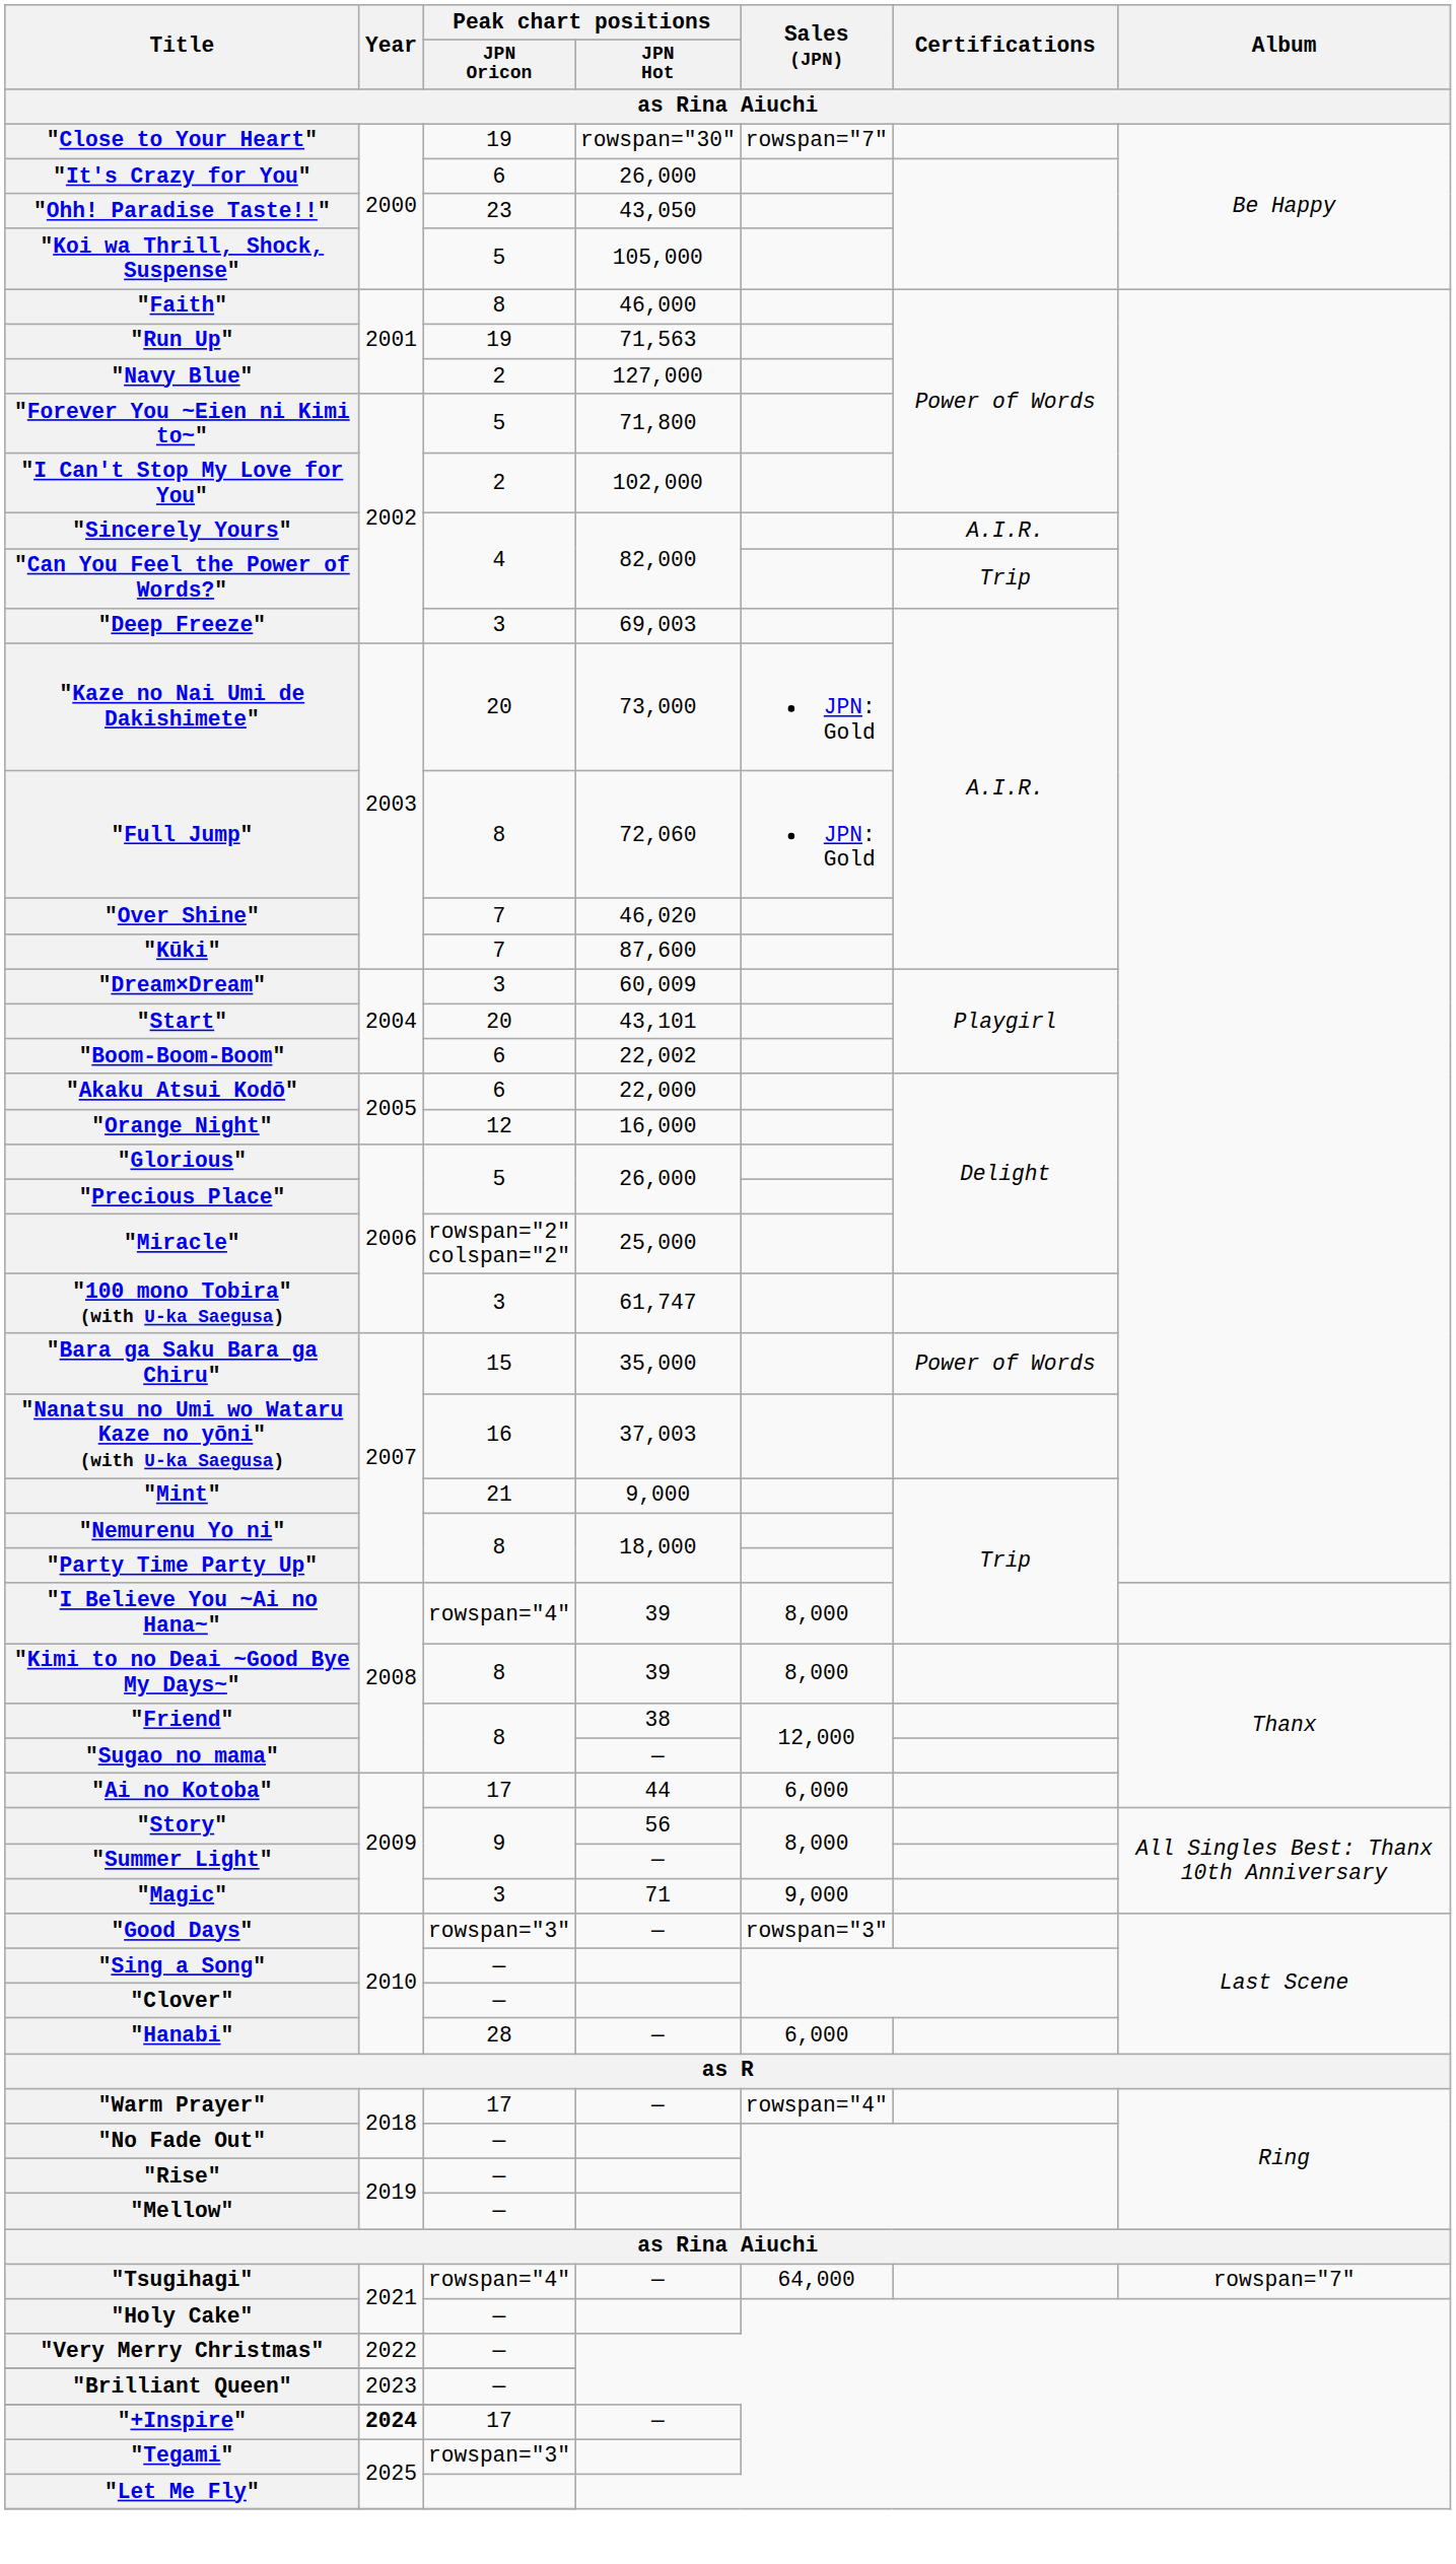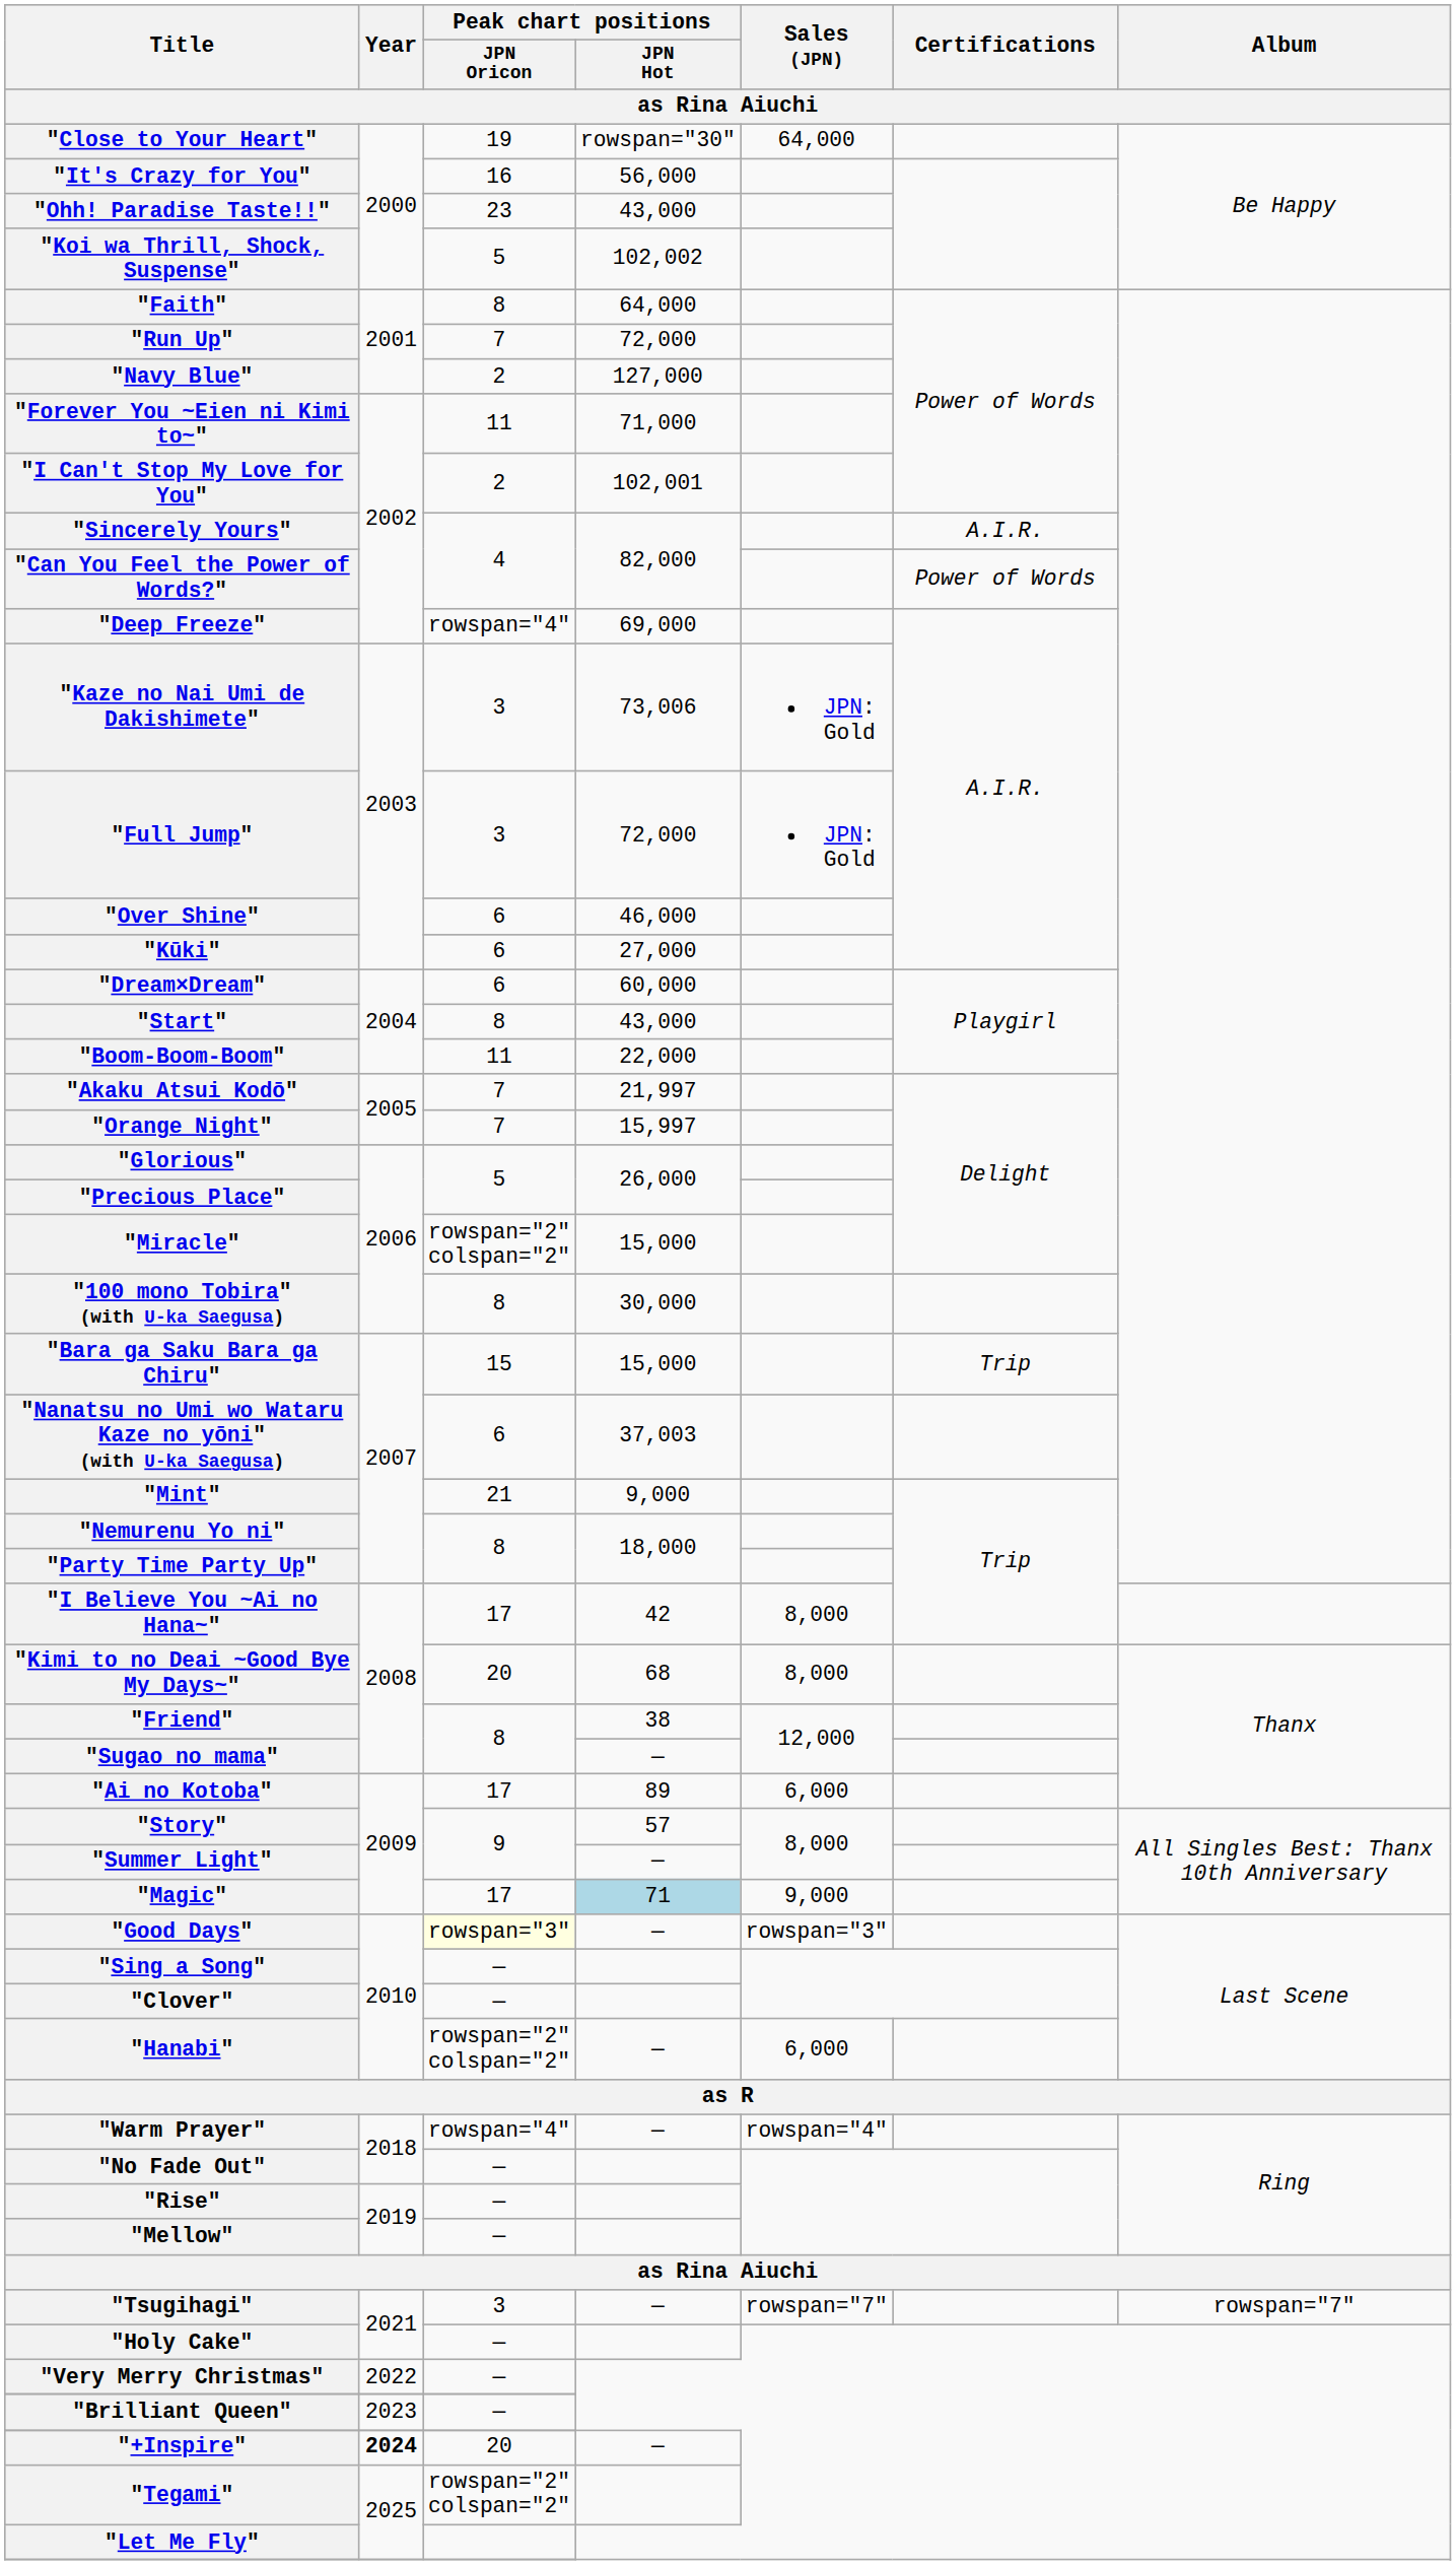 <table class="wikitable plainrowheaders" style="text-align:center;">
 <tr>
 <th scope="col" rowspan="2" style="width:16em;">Title</th>
 <th scope="col" rowspan="2" style="width:2.5em;">Year</th>
 <th scope="col" colspan="2" style="width:1.5em;">Peak chart positions</th>
 <th scope="col" rowspan="2" style="width:5em;">Sales<br><small>(JPN)</small></th>
 <th scope="col" rowspan="2" style="width:10em;">Certifications</th>
 <th scope="col" rowspan="2" style="width:15em;">Album</th>
 </tr>
 <tr>
 <th style="width:3em;font-size:85%">JPN<br>Oricon<br></th>
 <th style="width:3em;font-size:85%">JPN<br>Hot<br></th>
 </tr>
 <tr>
 <th colspan="7">as Rina Aiuchi</th>
 </tr>
 <tr>
 <th scope="row">"<a href='#'>Close to Your Heart</a>"</th>
 <td rowspan="4">2000</td>
 <td>19</td>
 <td>rowspan="30" </td>
-<td>rowspan="7" </td>
+<td>64,000</td>
 <td></td>
 <td rowspan="4"><em>Be Happy</em></td>
 </tr>
 <tr>
 <th scope="row">"<a href='#'>It's Crazy for You</a>"</th>
-<td>6</td>
-<td>26,000</td>
+<td>16</td>
+<td>56,000</td>
 <td></td>
 </tr>
 <tr>
 <th scope="row">"<a href='#'>Ohh! Paradise Taste!&excl;</a>"</th>
 <td>23</td>
-<td>43,050</td>
+<td>43,000</td>
 <td></td>
 </tr>
 <tr>
 <th scope="row">"<a href='#'>Koi wa Thrill, Shock, Suspense</a>"</th>
 <td>5</td>
-<td>105,000</td>
+<td>102,002</td>
 <td></td>
 </tr>
 <tr>
 <th scope="row">"<a href='#'>Faith</a>"</th>
 <td rowspan="3">2001</td>
 <td>8</td>
-<td>46,000</td>
+<td>64,000</td>
 <td></td>
 <td rowspan="5"><em>Power of Words</em></td>
 </tr>
 <tr>
 <th scope="row">"<a href='#'>Run Up</a>"</th>
-<td>19</td>
-<td>71,563</td>
+<td>7</td>
+<td>72,000</td>
 <td></td>
 </tr>
 <tr>
 <th scope="row">"<a href='#'>Navy Blue</a>"</th>
 <td>2</td>
 <td>127,000</td>
 <td></td>
 </tr>
 <tr>
 <th scope="row">"<a href='#'>Forever You ~Eien ni Kimi to~</a>"</th>
 <td rowspan="5">2002</td>
-<td>5</td>
-<td>71,800</td>
+<td>11</td>
+<td>71,000</td>
 <td></td>
 </tr>
 <tr>
 <th scope="row">"<a href='#'>I Can't Stop My Love for You</a>"</th>
 <td>2</td>
-<td>102,000</td>
+<td>102,001</td>
 <td></td>
 </tr>
 <tr>
 <th scope="row">"<a href='#'>Sincerely Yours</a>"</th>
 <td rowspan="2">4</td>
 <td rowspan="2">82,000</td>
 <td></td>
 <td><em>A.I.R.</em></td>
 </tr>
 <tr>
 <th scope="row">"<a href='#'>Can You Feel the Power of Words?</a>"</th>
 <td></td>
-<td><em>Trip</em></td>
+<td><em>Power of Words</em></td>
 </tr>
 <tr>
 <th scope="row">"<a href='#'>Deep Freeze</a>"</th>
-<td>3</td>
-<td>69,003</td>
+<td>rowspan="4" </td>
+<td>69,000</td>
 <td></td>
 <td rowspan="5"><em>A.I.R.</em></td>
 </tr>
 <tr>
 <th scope="row">"<a href='#'>Kaze no Nai Umi de Dakishimete</a>"</th>
 <td rowspan="4">2003</td>
-<td>20</td>
-<td>73,000</td>
+<td>3</td>
+<td>73,006</td>
 <td><br><ul><li><a href='#'>JPN</a>: Gold</li></ul></td>
 </tr>
 <tr>
 <th scope="row">"<a href='#'>Full Jump</a>"</th>
-<td>8</td>
-<td>72,060</td>
+<td>3</td>
+<td>72,000</td>
 <td><br><ul><li><a href='#'>JPN</a>: Gold</li></ul></td>
 </tr>
 <tr>
 <th scope="row">"<a href='#'>Over Shine</a>"</th>
-<td>7</td>
-<td>46,020</td>
+<td>6</td>
+<td>46,000</td>
 <td></td>
 </tr>
 <tr>
 <th scope="row">"<a href='#'>Kūki</a>"</th>
-<td>7</td>
-<td>87,600</td>
+<td>6</td>
+<td>27,000</td>
 <td></td>
 </tr>
 <tr>
 <th scope="row">"<a href='#'>Dream×Dream</a>"</th>
 <td rowspan="3">2004</td>
-<td>3</td>
-<td>60,009</td>
+<td>6</td>
+<td>60,000</td>
 <td></td>
 <td rowspan="3"><em>Playgirl</em></td>
 </tr>
 <tr>
 <th scope="row">"<a href='#'>Start</a>"</th>
-<td>20</td>
-<td>43,101</td>
+<td>8</td>
+<td>43,000</td>
 <td></td>
 </tr>
 <tr>
 <th scope="row">"<a href='#'>Boom-Boom-Boom</a>"</th>
-<td>6</td>
-<td>22,002</td>
+<td>11</td>
+<td>22,000</td>
 <td></td>
 </tr>
 <tr>
 <th scope="row">"<a href='#'>Akaku Atsui Kodō</a>"</th>
 <td rowspan="2">2005</td>
-<td>6</td>
-<td>22,000</td>
+<td>7</td>
+<td>21,997</td>
 <td></td>
 <td rowspan="5"><em>Delight</em></td>
 </tr>
 <tr>
 <th scope="row">"<a href='#'>Orange Night</a>"</th>
-<td>12</td>
-<td>16,000</td>
+<td>7</td>
+<td>15,997</td>
 <td></td>
 </tr>
 <tr>
 <th scope="row">"<a href='#'>Glorious</a>"</th>
 <td rowspan="4">2006</td>
 <td rowspan="2">5</td>
 <td rowspan="2">26,000</td>
 <td></td>
 </tr>
 <tr>
 <th scope="row">"<a href='#'>Precious Place</a>"</th>
 <td></td>
 </tr>
 <tr>
 <th scope="row">"<a href='#'>Miracle</a>"</th>
 <td>rowspan="2" colspan="2" </td>
-<td>25,000</td>
+<td>15,000</td>
 <td></td>
 </tr>
 <tr>
 <th scope="row">"<a href='#'>100 mono Tobira</a>"<br><small>(with <a href='#'>U-ka Saegusa</a>)</small></th>
-<td>3</td>
-<td>61,747</td>
+<td>8</td>
+<td>30,000</td>
 <td></td>
 <td></td>
 </tr>
 <tr>
 <th scope="row">"<a href='#'>Bara ga Saku Bara ga Chiru</a>"</th>
 <td rowspan="5">2007</td>
 <td>15</td>
-<td>35,000</td>
+<td>15,000</td>
 <td></td>
-<td><em>Power of Words</em></td>
+<td><em>Trip</em></td>
 </tr>
 <tr>
 <th scope="row">"<a href='#'>Nanatsu no Umi wo Wataru Kaze no yōni</a>"<br><small>(with <a href='#'>U-ka Saegusa</a>)</small></th>
-<td>16</td>
+<td>6</td>
 <td>37,003</td>
 <td></td>
 <td></td>
 </tr>
 <tr>
 <th scope="row">"<a href='#'>Mint</a>"</th>
 <td>21</td>
 <td>9,000</td>
 <td></td>
 <td rowspan="4"><em>Trip</em></td>
 </tr>
 <tr>
 <th scope="row">"<a href='#'>Nemurenu Yo ni</a>"</th>
 <td rowspan="2">8</td>
 <td rowspan="2">18,000</td>
 <td></td>
 </tr>
 <tr>
 <th scope="row">"<a href='#'>Party Time Party Up</a>"</th>
 <td></td>
 </tr>
 <tr>
 <th scope="row">"<a href='#'>I Believe You ~Ai no Hana~</a>"</th>
 <td rowspan="4">2008</td>
-<td>rowspan="4" </td>
-<td>39</td>
+<td>17</td>
+<td>42</td>
 <td>8,000</td>
 <td></td>
 </tr>
 <tr>
 <th scope="row">"<a href='#'>Kimi to no Deai ~Good Bye My Days~</a>"</th>
-<td>8</td>
-<td>39</td>
+<td>20</td>
+<td>68</td>
 <td>8,000</td>
 <td></td>
 <td rowspan="4"><em>Thanx</em></td>
 </tr>
 <tr>
 <th scope="row">"<a href='#'>Friend</a>"</th>
 <td rowspan="2">8</td>
 <td>38</td>
 <td rowspan="2">12,000</td>
 <td></td>
 </tr>
 <tr>
 <th scope="row">"<a href='#'>Sugao no mama</a>"</th>
 <td>—</td>
 <td></td>
 </tr>
 <tr>
 <th scope="row">"<a href='#'>Ai no Kotoba</a>"</th>
 <td rowspan="4">2009</td>
 <td>17</td>
-<td>44</td>
+<td>89</td>
 <td>6,000</td>
 <td></td>
 </tr>
 <tr>
 <th scope="row">"<a href='#'>Story</a>"</th>
 <td rowspan="2">9</td>
-<td>56</td>
+<td>57</td>
 <td rowspan="2">8,000</td>
 <td></td>
 <td rowspan="3"><em>All Singles Best: Thanx 10th Anniversary</em></td>
 </tr>
 <tr>
 <th scope="row">"<a href='#'>Summer Light</a>"</th>
 <td>—</td>
 <td></td>
 </tr>
 <tr>
 <th scope="row">"<a href='#'>Magic</a>"</th>
-<td>3</td>
-<td>71</td>
+<td>17</td>
+<td style="background: lightblue;">71</td>
 <td>9,000</td>
 <td></td>
 </tr>
 <tr>
 <th scope="row">"<a href='#'>Good Days</a>"</th>
 <td rowspan="4">2010</td>
-<td>rowspan="3" </td>
+<td style="background: lightyellow;">rowspan="3" </td>
 <td>—</td>
 <td>rowspan="3" </td>
 <td></td>
 <td rowspan="4"><em>Last Scene</em></td>
 </tr>
 <tr>
 <th scope="row">"<a href='#'>Sing a Song</a>"</th>
 <td>—</td>
 <td></td>
 </tr>
 <tr>
 <th scope="row">"Clover"</th>
 <td>—</td>
 <td></td>
 </tr>
 <tr>
 <th scope="row">"<a href='#'>Hanabi</a>"</th>
-<td>28</td>
+<td>rowspan="2" colspan="2" </td>
 <td>—</td>
 <td>6,000</td>
 <td></td>
 </tr>
 <tr>
 <th colspan="7">as R</th>
 </tr>
 <tr>
 <th scope="row">"Warm Prayer"</th>
 <td rowspan="2">2018</td>
-<td>17</td>
+<td>rowspan="4" </td>
 <td>—</td>
 <td>rowspan="4" </td>
 <td></td>
 <td rowspan="4"><em>Ring</em></td>
 </tr>
 <tr>
 <th scope="row">"No Fade Out"</th>
 <td>—</td>
 <td></td>
 </tr>
 <tr>
 <th scope="row">"Rise"</th>
 <td rowspan="2">2019</td>
 <td>—</td>
 <td></td>
 </tr>
 <tr>
 <th scope="row">"Mellow"</th>
 <td>—</td>
 <td></td>
 </tr>
 <tr>
 <th colspan="7">as Rina Aiuchi</th>
 </tr>
 <tr>
 <th scope="row">"Tsugihagi"</th>
 <td rowspan="2">2021</td>
-<td>rowspan="4" </td>
+<td>3</td>
 <td>—</td>
-<td>64,000</td>
+<td>rowspan="7" </td>
 <td></td>
 <td>rowspan="7" </td>
 </tr>
 <tr>
 <th scope="row">"Holy Cake"</th>
 <td>—</td>
 <td></td>
 </tr>
 <tr>
 <th scope="row">"Very Merry Christmas"</th>
 <td>2022</td>
 <td>—</td>
 </tr>
 <tr>
 </tr>
 <tr>
 <th scope="row">"Brilliant Queen"</th>
 <td>2023</td>
 <td>—</td>
 </tr>
 <tr>
 </tr>
 <tr>
 <th scope="row">"<a href='#'>+Inspire</a>"</th>
 <td><strong>2024</strong></td>
-<td>17</td>
+<td>20</td>
 <td>—</td>
 </tr>
 <tr>
 <th scope="row">"<a href='#'>Tegami</a>"</th>
 <td rowspan="2">2025</td>
-<td>rowspan="3" </td>
+<td>rowspan="2" colspan="2" </td>
 <td></td>
 </tr>
 <tr>
 <th scope="row">"<a href='#'>Let Me Fly</a>"</th>
 <td></td>
 </tr>
 <tr>
 </tr>
 </table>
